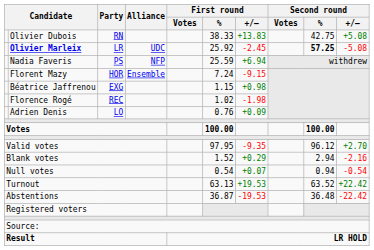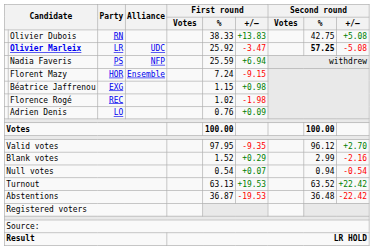 <table class="wikitable" style="text-align:right;font-size:95%;">
 <tr>
 <th rowspan="2" colspan="2">Candidate</th>
 <th colspan="1" rowspan="2">Party</th>
 <th colspan="1" rowspan="2">Alliance</th>
 <th colspan="3">First round</th>
 <th colspan="3">Second round</th>
 </tr>
 <tr>
 <th style="width:50px;">Votes</th>
 <th style="width:45px;">%</th>
 <th style="width:45px;">+/–</th>
 <th style="width:50px;">Votes</th>
 <th style="width:45px;">%</th>
 <th style="width:45px;">+/–</th>
 </tr>
 <tr>
 <td style="color:inherit;background:"></td>
 <td style="text-align:left;">Olivier Dubois</td>
 <td><a href='#'>RN</a></td>
 <td></td>
 <td></td>
 <td>38.33</td>
 <td style="color:green;">+13.83</td>
 <td></td>
 <td>42.75</td>
 <td style="color:green;">+5.08</td>
 </tr>
 <tr>
 <td style="color:inherit;background:"></td>
 <td style="text-align:left;"><strong><a href='#'>Olivier Marleix</a></strong></td>
 <td><a href='#'>LR</a></td>
 <td><a href='#'>UDC</a></td>
 <td></td>
 <td>25.92</td>
-<td style="color:red;">-2.45</td>
+<td style="color:red;">-3.47</td>
 <td><strong></strong></td>
 <td><strong>57.25</strong></td>
 <td style="color:red;">-5.08</td>
 </tr>
 <tr>
 <td style="color:inherit;background:"></td>
 <td style="text-align:left;">Nadia Faveris</td>
 <td><a href='#'>PS</a></td>
 <td><a href='#'>NFP</a></td>
 <td></td>
 <td>25.59</td>
 <td style="color:green;">+6.94</td>
 <td colspan="3" style="background:#E9E9E9;">withdrew</td>
 </tr>
 <tr>
 <td style="color:inherit;background:"></td>
 <td style="text-align:left;">Florent Mazy</td>
 <td><a href='#'>HOR</a></td>
 <td><a href='#'>Ensemble</a></td>
 <td></td>
 <td>7.24</td>
 <td style="color:red;">-9.15</td>
 <td colspan="3" rowspan="4" style="background:#E9E9E9;"></td>
 </tr>
 <tr>
 <td style="color:inherit;background:"></td>
 <td style="text-align:left;">Béatrice Jaffrenou</td>
 <td><a href='#'>EXG</a></td>
 <td></td>
 <td></td>
 <td>1.15</td>
 <td style="color:green;">+0.98</td>
 </tr>
 <tr>
 <td style="color:inherit;background:"></td>
 <td style="text-align:left;">Florence Rogé</td>
 <td><a href='#'>REC</a></td>
 <td></td>
 <td></td>
 <td>1.02</td>
 <td style="color:red;">-1.98</td>
 </tr>
 <tr>
 <td style="color:inherit;background:"></td>
 <td style="text-align:left;">Adrien Denis</td>
 <td><a href='#'>LO</a></td>
 <td></td>
 <td></td>
 <td>0.76</td>
 <td style="color:green;">+0.09</td>
 </tr>
 <tr>
 <td colspan="10" style="background:#E9E9E9;"></td>
 </tr>
 <tr style="font-weight:bold;">
 <td colspan="4" style="text-align:left;">Votes</td>
 <td></td>
 <td>100.00</td>
 <td></td>
 <td></td>
 <td>100.00</td>
 <td></td>
 </tr>
 <tr>
 <td colspan="10" style="background:#E9E9E9;"></td>
 </tr>
 <tr>
 <td colspan="4" style="text-align:left;">Valid votes</td>
 <td></td>
 <td>97.95</td>
 <td style="color:red;">-9.35</td>
 <td></td>
 <td>96.12</td>
 <td style="color:green;">+2.70</td>
 </tr>
 <tr>
 <td colspan="4" style="text-align:left;">Blank votes</td>
 <td></td>
 <td>1.52</td>
 <td style="color:green;">+0.29</td>
 <td></td>
-<td>2.94</td>
+<td>2.99</td>
 <td style="color:red;">-2.16</td>
 </tr>
 <tr>
 <td colspan="4" style="text-align:left;">Null votes</td>
 <td></td>
 <td>0.54</td>
 <td style="color:green;">+0.07</td>
 <td></td>
 <td>0.94</td>
 <td style="color:red;">-0.54</td>
 </tr>
 <tr>
 <td colspan="4" style="text-align:left;">Turnout</td>
 <td></td>
 <td>63.13</td>
 <td style="color:green;">+19.53</td>
 <td></td>
 <td>63.52</td>
 <td style="color:green;">+22.42</td>
 </tr>
 <tr>
 <td colspan="4" style="text-align:left;">Abstentions</td>
 <td></td>
 <td>36.87</td>
 <td style="color:red;">-19.53</td>
 <td></td>
 <td>36.48</td>
 <td style="color:red;">-22.42</td>
 </tr>
 <tr>
 <td colspan="4" style="text-align:left;">Registered voters</td>
 <td></td>
 <td colspan="2" style="background:#E9E9E9;"></td>
 <td></td>
 <td colspan="2" style="background:#E9E9E9;"></td>
 </tr>
 <tr>
 <td colspan="10" style="background:#E9E9E9;"></td>
 </tr>
 <tr>
 <td colspan="10" style="text-align:left;">Source: </td>
 </tr>
 <tr style="font-weight:bold">
 <td colspan="4" style="text-align:left;">Result</td>
 <td colspan="6" style="background-color:">LR HOLD</td>
 </tr>
 </table>
